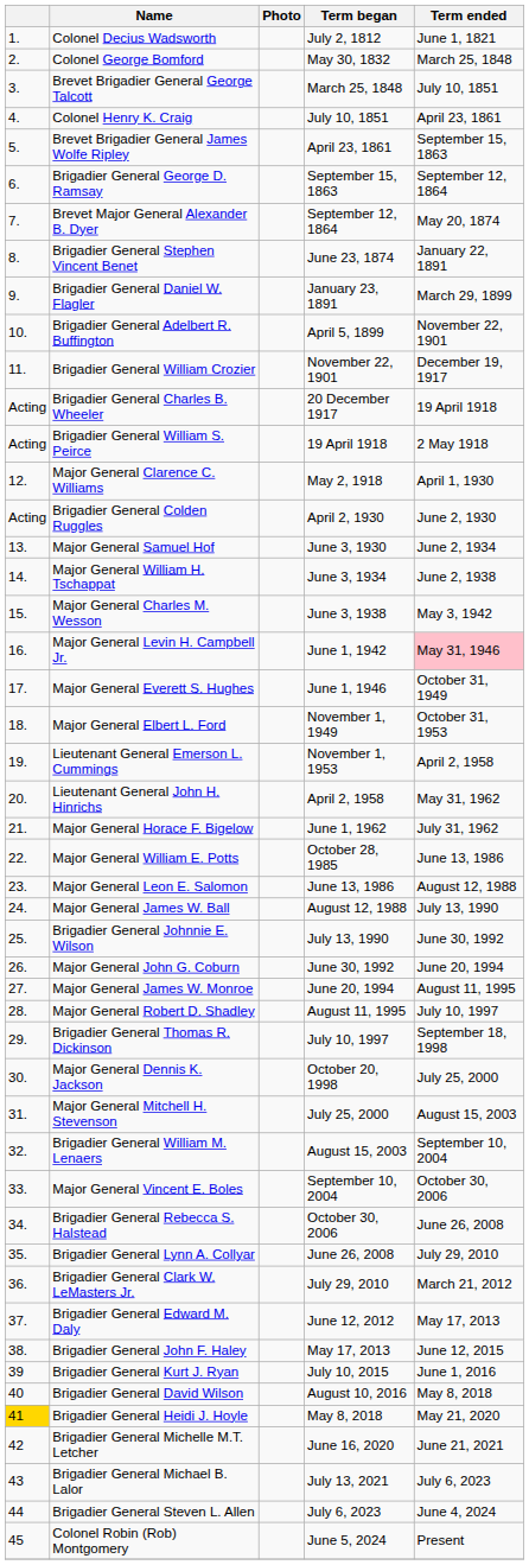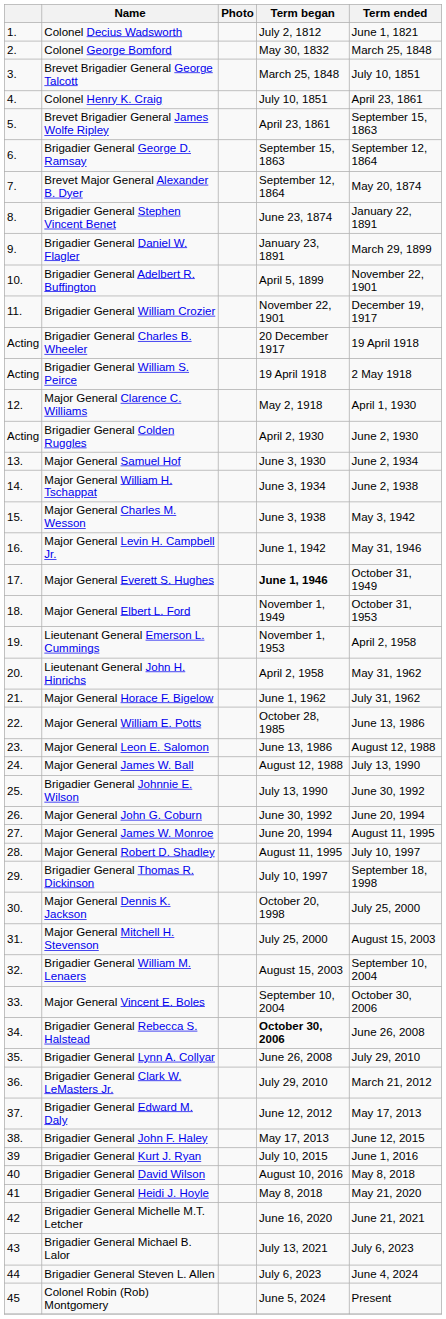 <table class="wikitable">
 <tr>
 <th></th>
 <th>Name</th>
 <th>Photo</th>
 <th>Term began</th>
 <th>Term ended</th>
 </tr>
 <tr>
 <td>1.</td>
 <td>Colonel <a href='#'>Decius Wadsworth</a></td>
 <td></td>
 <td>July 2, 1812</td>
 <td>June 1, 1821</td>
 </tr>
 <tr>
 <td>2.</td>
 <td>Colonel <a href='#'>George Bomford</a></td>
 <td></td>
 <td>May 30, 1832</td>
 <td>March 25, 1848</td>
 </tr>
 <tr>
 <td>3.</td>
 <td>Brevet Brigadier General <a href='#'>George Talcott</a></td>
 <td></td>
 <td>March 25, 1848</td>
 <td>July 10, 1851</td>
 </tr>
 <tr>
 <td>4.</td>
 <td>Colonel <a href='#'>Henry K. Craig</a></td>
 <td></td>
 <td>July 10, 1851</td>
 <td>April 23, 1861</td>
 </tr>
 <tr>
 <td>5.</td>
 <td>Brevet Brigadier General <a href='#'>James Wolfe Ripley</a></td>
 <td></td>
 <td>April 23, 1861</td>
 <td>September 15, 1863</td>
 </tr>
 <tr>
 <td>6.</td>
 <td>Brigadier General <a href='#'>George D. Ramsay</a></td>
 <td></td>
 <td>September 15, 1863</td>
 <td>September 12, 1864</td>
 </tr>
 <tr>
 <td>7.</td>
 <td>Brevet Major General <a href='#'>Alexander B. Dyer</a></td>
 <td></td>
 <td>September 12, 1864</td>
 <td>May 20, 1874</td>
 </tr>
 <tr>
 <td>8.</td>
 <td>Brigadier General <a href='#'>Stephen Vincent Benet</a></td>
 <td></td>
 <td>June 23, 1874</td>
 <td>January 22, 1891</td>
 </tr>
 <tr>
 <td>9.</td>
 <td>Brigadier General <a href='#'>Daniel W. Flagler</a></td>
 <td></td>
 <td>January 23, 1891</td>
 <td>March 29, 1899</td>
 </tr>
 <tr>
 <td>10.</td>
 <td>Brigadier General <a href='#'>Adelbert R. Buffington</a></td>
 <td></td>
 <td>April 5, 1899</td>
 <td>November 22, 1901</td>
 </tr>
 <tr>
 <td>11.</td>
 <td>Brigadier General <a href='#'>William Crozier</a></td>
 <td></td>
 <td>November 22, 1901</td>
 <td>December 19, 1917</td>
 </tr>
 <tr>
 <td>Acting</td>
 <td>Brigadier General <a href='#'>Charles B. Wheeler</a></td>
 <td></td>
 <td>20 December 1917</td>
 <td>19 April 1918</td>
 </tr>
 <tr>
 <td>Acting</td>
 <td>Brigadier General <a href='#'>William S. Peirce</a></td>
 <td></td>
 <td>19 April 1918</td>
 <td>2 May 1918</td>
 </tr>
 <tr>
 <td>12.</td>
 <td>Major General <a href='#'>Clarence C. Williams</a></td>
 <td></td>
 <td>May 2, 1918</td>
 <td>April 1, 1930</td>
 </tr>
 <tr>
 <td>Acting</td>
 <td>Brigadier General <a href='#'>Colden Ruggles</a></td>
 <td></td>
 <td>April 2, 1930</td>
 <td>June 2, 1930</td>
 </tr>
 <tr>
 <td>13.</td>
 <td>Major General <a href='#'>Samuel Hof</a></td>
 <td></td>
 <td>June 3, 1930</td>
 <td>June 2, 1934</td>
 </tr>
 <tr>
 <td>14.</td>
 <td>Major General <a href='#'>William H. Tschappat</a></td>
 <td></td>
 <td>June 3, 1934</td>
 <td>June 2, 1938</td>
 </tr>
 <tr>
 <td>15.</td>
 <td>Major General <a href='#'>Charles M. Wesson</a></td>
 <td></td>
 <td>June 3, 1938</td>
 <td>May 3, 1942</td>
 </tr>
 <tr>
 <td>16.</td>
 <td>Major General <a href='#'>Levin H. Campbell Jr.</a></td>
 <td></td>
 <td>June 1, 1942</td>
-<td style="background: pink;">May 31, 1946</td>
+<td>May 31, 1946</td>
 </tr>
 <tr>
 <td>17.</td>
 <td>Major General <a href='#'>Everett S. Hughes</a></td>
 <td></td>
-<td>June 1, 1946</td>
+<td><strong>June 1, 1946</strong></td>
 <td>October 31, 1949</td>
 </tr>
 <tr>
 <td>18.</td>
 <td>Major General <a href='#'>Elbert L. Ford</a></td>
 <td></td>
 <td>November 1, 1949</td>
 <td>October 31, 1953</td>
 </tr>
 <tr>
 <td>19.</td>
 <td>Lieutenant General <a href='#'>Emerson L. Cummings</a></td>
 <td></td>
 <td>November 1, 1953</td>
 <td>April 2, 1958</td>
 </tr>
 <tr>
 <td>20.</td>
 <td>Lieutenant General <a href='#'>John H. Hinrichs</a></td>
 <td></td>
 <td>April 2, 1958</td>
 <td>May 31, 1962</td>
 </tr>
 <tr>
 <td>21.</td>
 <td>Major General <a href='#'>Horace F. Bigelow</a></td>
 <td></td>
 <td>June 1, 1962</td>
 <td>July 31, 1962</td>
 </tr>
 <tr>
 <td>22.</td>
 <td>Major General <a href='#'>William E. Potts</a></td>
 <td></td>
 <td>October 28, 1985</td>
 <td>June 13, 1986</td>
 </tr>
 <tr>
 <td>23.</td>
 <td>Major General <a href='#'>Leon E. Salomon</a></td>
 <td></td>
 <td>June 13, 1986</td>
 <td>August 12, 1988</td>
 </tr>
 <tr>
 <td>24.</td>
 <td>Major General <a href='#'>James W. Ball</a></td>
 <td></td>
 <td>August 12, 1988</td>
 <td>July 13, 1990</td>
 </tr>
 <tr>
 <td>25.</td>
 <td>Brigadier General <a href='#'>Johnnie E. Wilson</a></td>
 <td></td>
 <td>July 13, 1990</td>
 <td>June 30, 1992</td>
 </tr>
 <tr>
 <td>26.</td>
 <td>Major General <a href='#'>John G. Coburn</a></td>
 <td></td>
 <td>June 30, 1992</td>
 <td>June 20, 1994</td>
 </tr>
 <tr>
 <td>27.</td>
 <td>Major General <a href='#'>James W. Monroe</a></td>
 <td></td>
 <td>June 20, 1994</td>
 <td>August 11, 1995</td>
 </tr>
 <tr>
 <td>28.</td>
 <td>Major General <a href='#'>Robert D. Shadley</a></td>
 <td></td>
 <td>August 11, 1995</td>
 <td>July 10, 1997</td>
 </tr>
 <tr>
 <td>29.</td>
 <td>Brigadier General <a href='#'>Thomas R. Dickinson</a></td>
 <td></td>
 <td>July 10, 1997</td>
 <td>September 18, 1998</td>
 </tr>
 <tr>
 <td>30.</td>
 <td>Major General <a href='#'>Dennis K. Jackson</a></td>
 <td></td>
 <td>October 20, 1998</td>
 <td>July 25, 2000</td>
 </tr>
 <tr>
 <td>31.</td>
 <td>Major General <a href='#'>Mitchell H. Stevenson</a></td>
 <td></td>
 <td>July 25, 2000</td>
 <td>August 15, 2003</td>
 </tr>
 <tr>
 <td>32.</td>
 <td>Brigadier General <a href='#'>William M. Lenaers</a></td>
 <td></td>
 <td>August 15, 2003</td>
 <td>September 10, 2004</td>
 </tr>
 <tr>
 <td>33.</td>
 <td>Major General <a href='#'>Vincent E. Boles</a></td>
 <td></td>
 <td>September 10, 2004</td>
 <td>October 30, 2006</td>
 </tr>
 <tr>
 <td>34.</td>
 <td>Brigadier General <a href='#'>Rebecca S. Halstead</a></td>
 <td></td>
-<td>October 30, 2006</td>
+<td><strong>October 30, 2006</strong></td>
 <td>June 26, 2008</td>
 </tr>
 <tr>
 <td>35.</td>
 <td>Brigadier General <a href='#'>Lynn A. Collyar</a></td>
 <td></td>
 <td>June 26, 2008</td>
 <td>July 29, 2010</td>
 </tr>
 <tr>
 <td>36.</td>
 <td>Brigadier General <a href='#'>Clark W. LeMasters Jr.</a></td>
 <td></td>
 <td>July 29, 2010</td>
 <td>March 21, 2012</td>
 </tr>
 <tr>
 <td>37.</td>
 <td>Brigadier General <a href='#'>Edward M. Daly</a></td>
 <td></td>
 <td>June 12, 2012</td>
 <td>May 17, 2013</td>
 </tr>
 <tr>
 <td>38.</td>
 <td>Brigadier General <a href='#'>John F. Haley</a></td>
 <td></td>
 <td>May 17, 2013</td>
 <td>June 12, 2015</td>
 </tr>
 <tr>
 <td>39</td>
 <td>Brigadier General <a href='#'>Kurt J. Ryan</a></td>
 <td></td>
 <td>July 10, 2015</td>
 <td>June 1, 2016</td>
 </tr>
 <tr>
 <td>40</td>
 <td>Brigadier General <a href='#'>David Wilson</a></td>
 <td></td>
 <td>August 10, 2016</td>
 <td>May 8, 2018</td>
 </tr>
 <tr>
-<td style="background: gold;">41</td>
+<td>41</td>
 <td>Brigadier General <a href='#'>Heidi J. Hoyle</a></td>
 <td></td>
 <td>May 8, 2018</td>
 <td>May 21, 2020</td>
 </tr>
 <tr>
 <td>42</td>
 <td>Brigadier General Michelle M.T. Letcher</td>
 <td></td>
 <td>June 16, 2020</td>
 <td>June 21, 2021</td>
 </tr>
 <tr>
 <td>43</td>
 <td>Brigadier General Michael B. Lalor</td>
 <td></td>
 <td>July 13, 2021</td>
 <td>July 6, 2023</td>
 </tr>
 <tr>
 <td>44</td>
 <td>Brigadier General Steven L. Allen</td>
 <td></td>
 <td>July 6, 2023</td>
 <td>June 4, 2024</td>
 </tr>
 <tr>
 <td>45</td>
 <td>Colonel Robin (Rob) Montgomery</td>
 <td></td>
 <td>June 5, 2024</td>
 <td>Present</td>
 </tr>
 <tr>
 </tr>
 </table>
